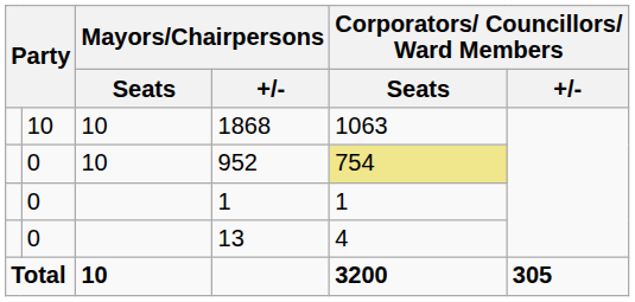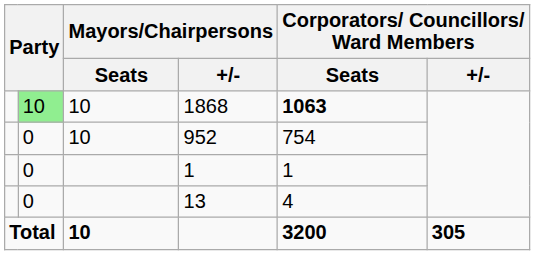 <table class="wikitable sortable">
 <tr>
 <th rowspan=2; colspan=2>Party</th>
 <th colspan=2>Mayors/Chairpersons</th>
 <th colspan=2>Corporators/ Councillors/<br>Ward Members</th>
 </tr>
 <tr>
 <th>Seats</th>
 <th>+/-</th>
 <th>Seats</th>
 <th>+/-</th>
 </tr>
 <tr>
 <td></td>
-<td>10</td>
+<td style="background: lightgreen;">10</td>
 <td>10 </td>
 <td>1868</td>
-<td>1063</td>
+<td><strong>1063</strong></td>
 </tr>
 <tr>
 <td></td>
 <td>0</td>
 <td>10 </td>
 <td>952</td>
-<td style="background: khaki;">754</td>
+<td>754</td>
 </tr>
 <tr>
 <td></td>
 <td>0</td>
 <td></td>
 <td>1</td>
 <td>1</td>
 </tr>
 <tr>
 <td></td>
 <td>0</td>
 <td></td>
 <td>13</td>
 <td>4</td>
 </tr>
 <tr>
 <td colspan=2><strong>Total</strong></td>
 <td><strong>10</strong></td>
 <td></td>
 <td><strong>3200</strong></td>
 <td><strong>305</strong></td>
 </tr>
 </table>
